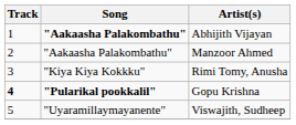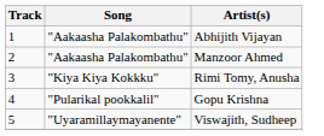 <table class="wikitable">
 <tr>
 <th>Track</th>
 <th>Song</th>
 <th>Artist(s)</th>
 </tr>
 <tr>
 <td>1</td>
-<td><strong>"Aakaasha Palakombathu"</strong></td>
+<td>"Aakaasha Palakombathu"</td>
 <td>Abhijith Vijayan</td>
 </tr>
 <tr>
 <td>2</td>
 <td>"Aakaasha Palakombathu"</td>
 <td>Manzoor Ahmed</td>
 </tr>
 <tr>
 <td>3</td>
 <td>"Kiya Kiya Kokkku"</td>
 <td>Rimi Tomy, Anusha</td>
 </tr>
 <tr>
-<td><strong>4</strong></td>
-<td><strong>"Pularikal pookkalil"</strong></td>
+<td>4</td>
+<td>"Pularikal pookkalil"</td>
 <td>Gopu Krishna</td>
 </tr>
 <tr>
 <td>5</td>
 <td>"Uyaramillaymayanente"</td>
 <td>Viswajith, Sudheep</td>
 </tr>
 <tr>
 </tr>
 </table>
